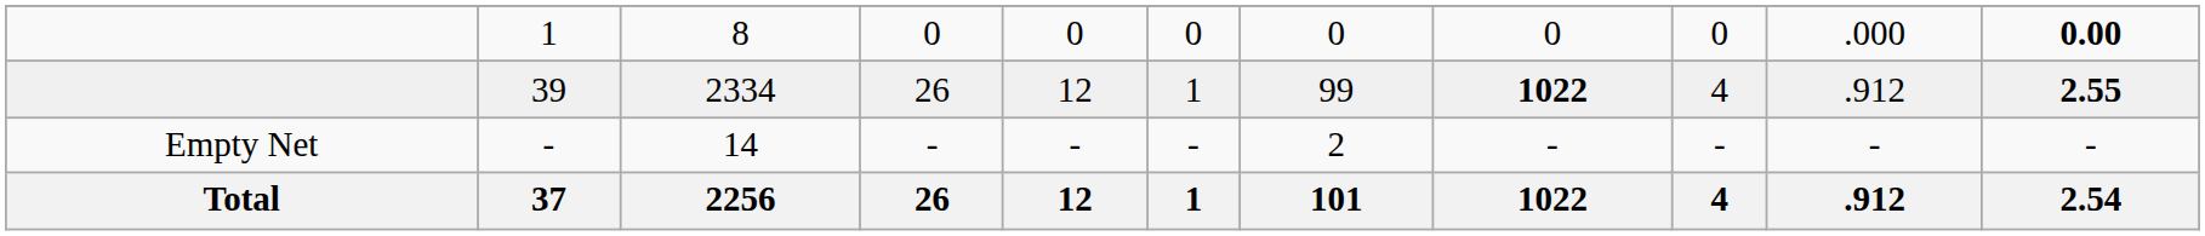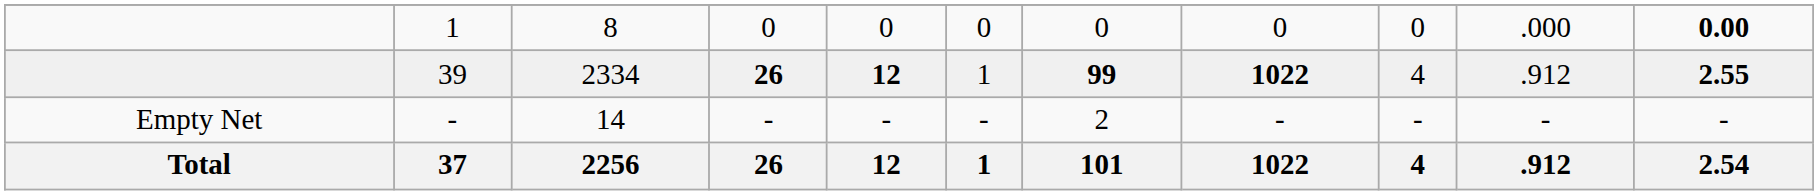 <table class="wikitable sortable" width ="1000">
 <tr align="center">
 </tr>
 <tr align="center" bgcolor="">
 <td></td>
 <td>1</td>
 <td>8</td>
 <td>0</td>
 <td>0</td>
 <td>0</td>
 <td>0</td>
 <td>0</td>
 <td>0</td>
 <td>.000</td>
 <td><strong>0.00</strong></td>
 </tr>
 <tr align="center" bgcolor="f0f0f0">
 <td></td>
 <td>39</td>
 <td>2334</td>
-<td>26</td>
-<td>12</td>
+<td><strong>26</strong></td>
+<td><strong>12</strong></td>
 <td>1</td>
-<td>99</td>
+<td><strong>99</strong></td>
 <td><strong>1022</strong></td>
 <td>4</td>
 <td>.912</td>
 <td><strong>2.55</strong></td>
 </tr>
 <tr align="center" bgcolor="">
 <td>Empty Net</td>
 <td>-</td>
 <td>14</td>
 <td>-</td>
 <td>-</td>
 <td>-</td>
 <td>2</td>
 <td>-</td>
 <td>-</td>
 <td>-</td>
 <td>-</td>
 </tr>
 <tr>
 <th>Total</th>
 <th>37</th>
 <th>2256</th>
 <th>26</th>
 <th>12</th>
 <th>1</th>
 <th>101</th>
 <th>1022</th>
 <th>4</th>
 <th>.912</th>
 <th>2.54</th>
 </tr>
 </table>
